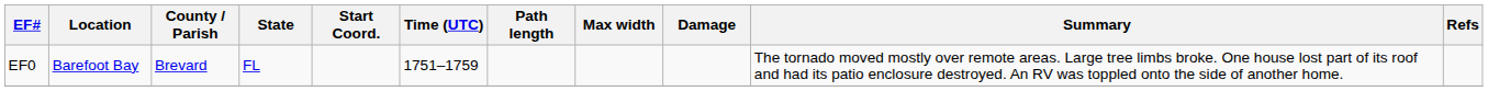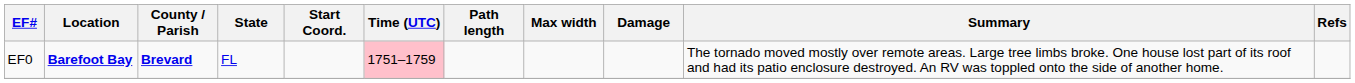 <table class="wikitable sortable" style="width:100%;">
 <tr>
 <th scope="col"  style="width:3%; text-align:center;"><a href='#'>EF#</a></th>
 <th scope="col"  style="width:7%; text-align:center;" class="unsortable">Location</th>
 <th scope="col"  style="width:6%; text-align:center;" class="unsortable">County / Parish</th>
 <th scope="col"  style="width:5%; text-align:center;">State</th>
 <th scope="col"  style="width:6%; text-align:center;">Start Coord.</th>
 <th scope="col"  style="width:6%; text-align:center;">Time (<a href='#'>UTC</a>)</th>
 <th scope="col"  style="width:6%; text-align:center;">Path length</th>
 <th scope="col"  style="width:6%; text-align:center;">Max width</th>
 <th scope="col"  style="width:6%; text-align:center;">Damage</th>
 <th scope="col" class="unsortable" style="width:48%; text-align:center;">Summary</th>
 <th scope="col" class="unsortable" style="width:48%; text-align:center;">Refs</th>
 </tr>
 <tr>
 <td>EF0</td>
-<td><a href='#'>Barefoot Bay</a></td>
-<td><a href='#'>Brevard</a></td>
+<td><strong><a href='#'>Barefoot Bay</a></strong></td>
+<td><strong><a href='#'>Brevard</a></strong></td>
 <td><a href='#'>FL</a></td>
 <td></td>
-<td>1751–1759</td>
+<td style="background: pink;">1751–1759</td>
 <td></td>
 <td></td>
 <td></td>
 <td>The tornado moved mostly over remote areas. Large tree limbs broke. One house lost part of its roof and had its patio enclosure destroyed. An RV was toppled onto the side of another home.</td>
 <td></td>
 </tr>
 <tr>
 </tr>
 </table>
